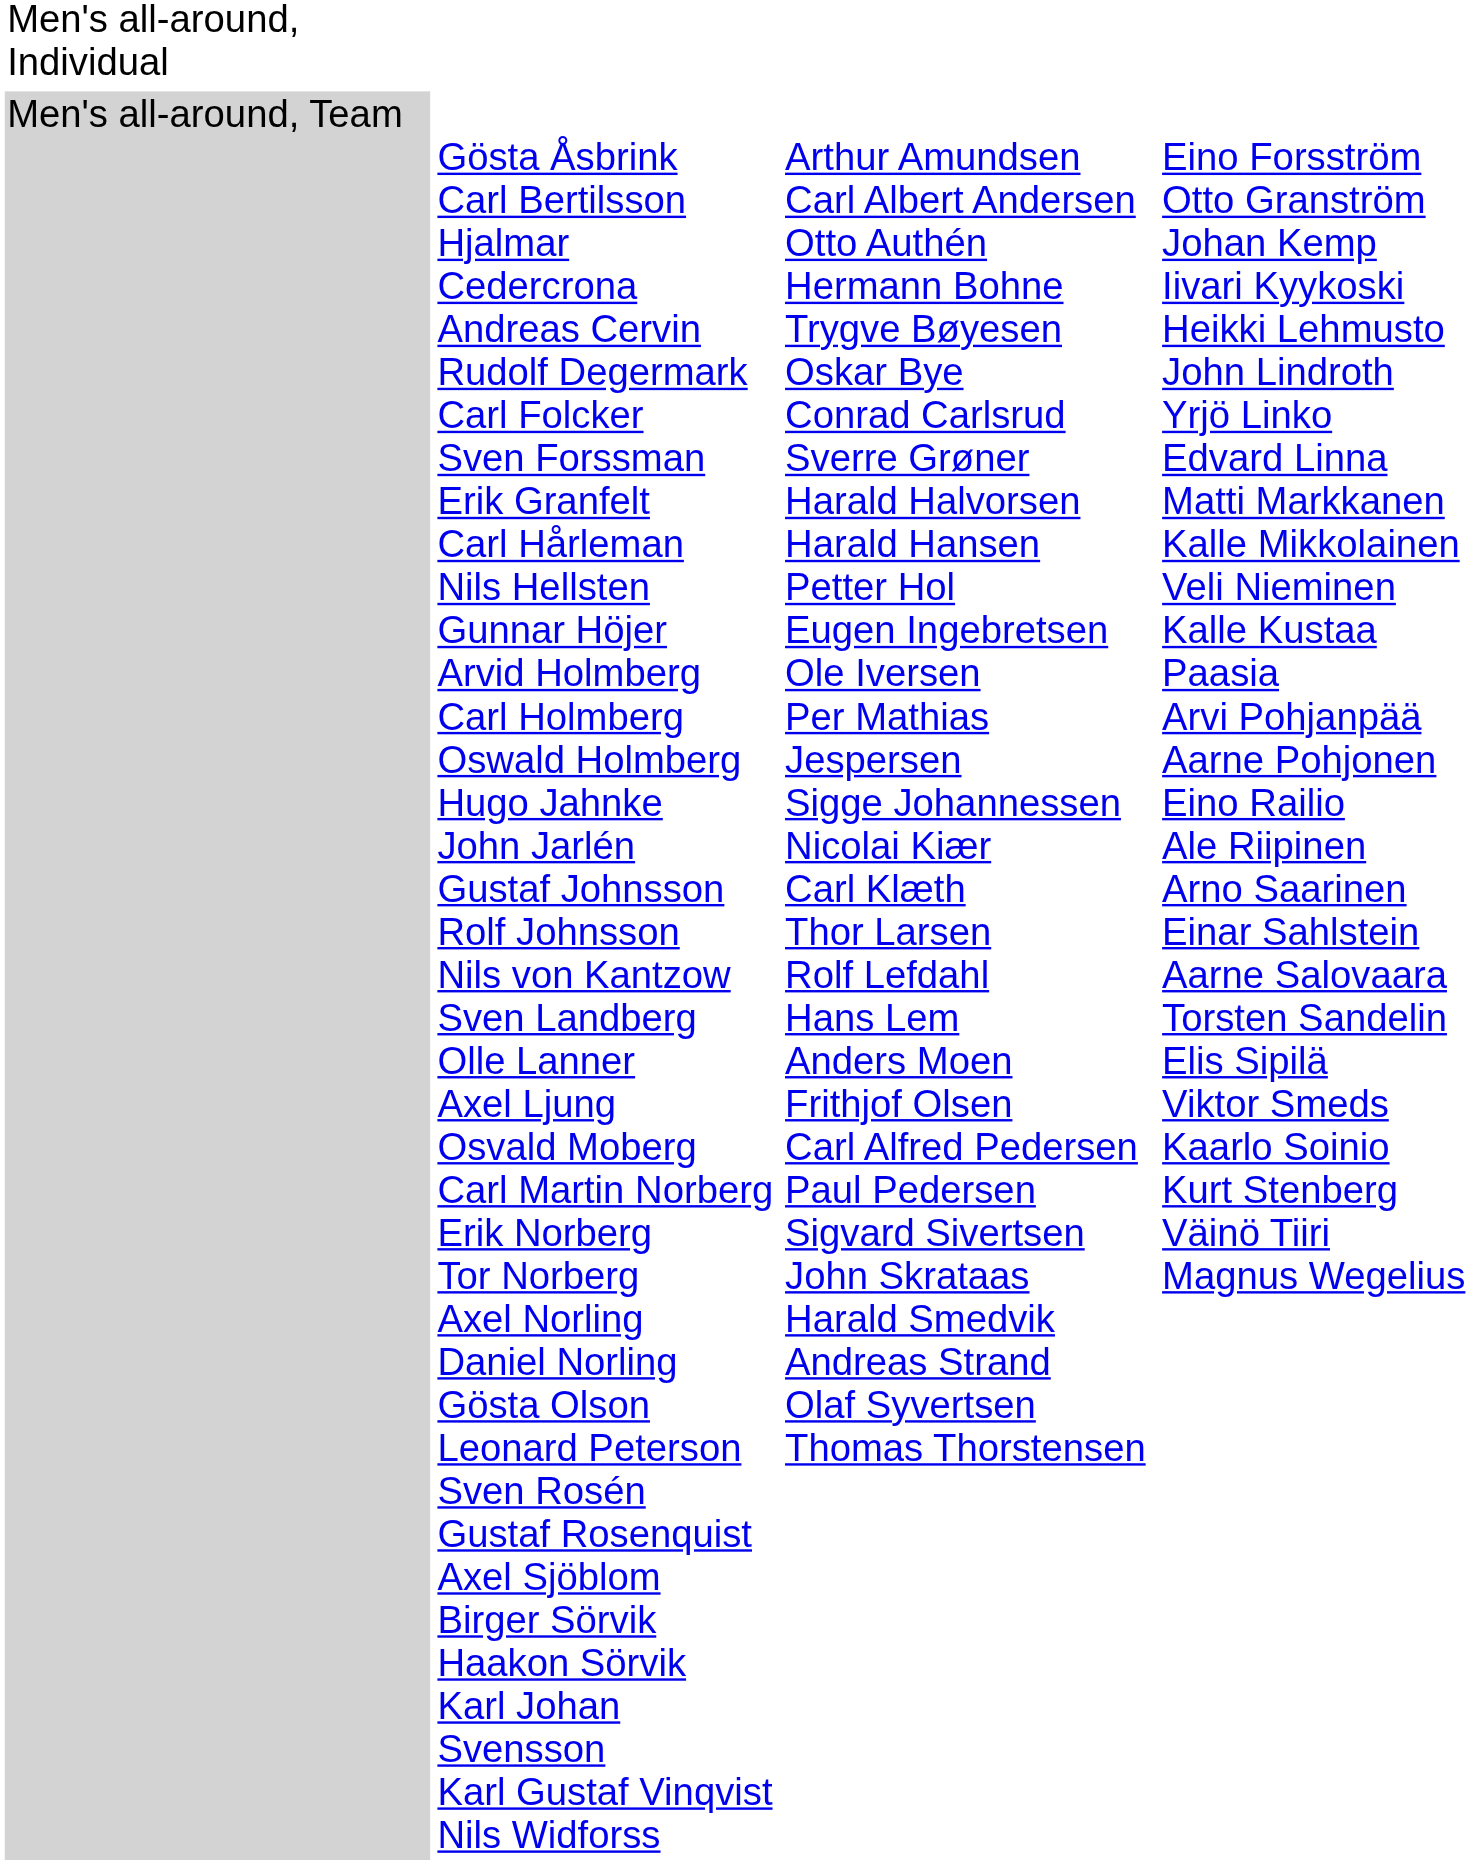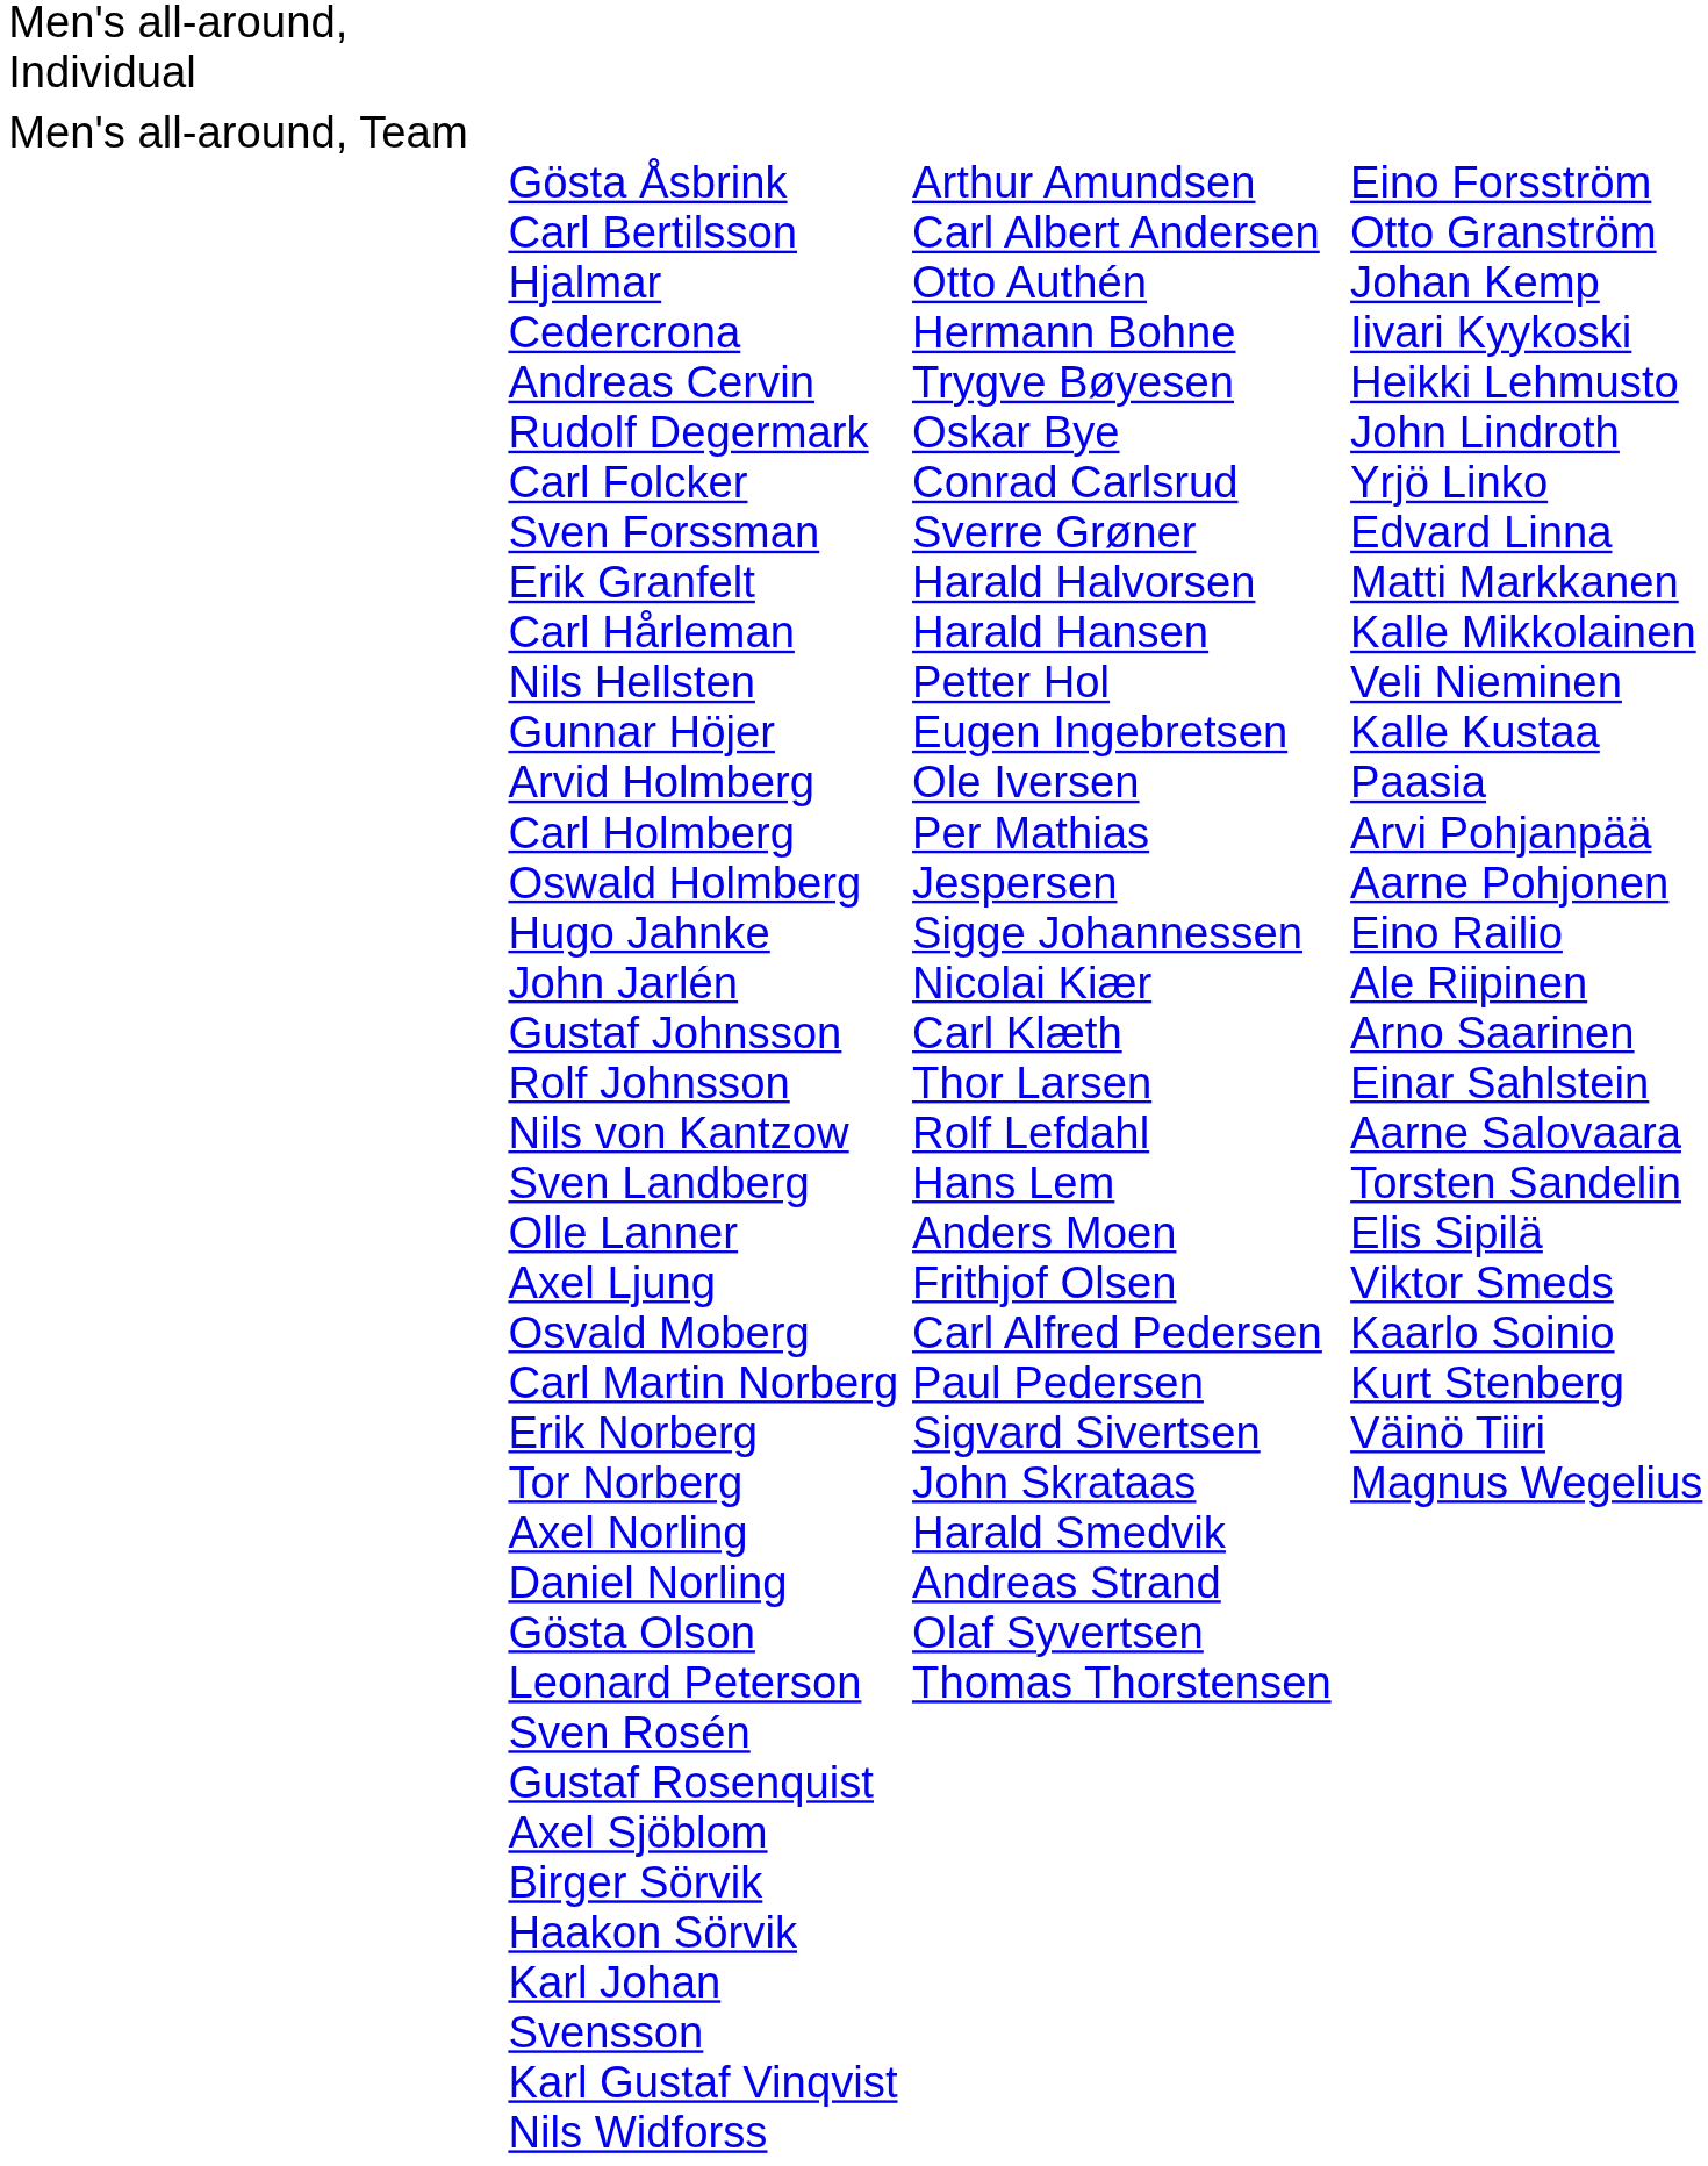 <table>
 <tr valign="top">
 <td>Men's all-around, Individual <br></td>
 <td></td>
 <td></td>
 <td></td>
 </tr>
 <tr valign="top">
-<td style="background: lightgrey;">Men's all-around, Team <br></td>
+<td>Men's all-around, Team <br></td>
 <td valign=top><br><a href='#'>Gösta Åsbrink</a><br><a href='#'>Carl Bertilsson</a><br><a href='#'>Hjalmar Cedercrona</a><br><a href='#'>Andreas Cervin</a><br><a href='#'>Rudolf Degermark</a><br><a href='#'>Carl Folcker</a><br><a href='#'>Sven Forssman</a><br><a href='#'>Erik Granfelt</a><br><a href='#'>Carl Hårleman</a><br><a href='#'>Nils Hellsten</a><br><a href='#'>Gunnar Höjer</a><br><a href='#'>Arvid Holmberg</a><br><a href='#'>Carl Holmberg</a><br><a href='#'>Oswald Holmberg</a><br><a href='#'>Hugo Jahnke</a><br><a href='#'>John Jarlén</a><br><a href='#'>Gustaf Johnsson</a><br><a href='#'>Rolf Johnsson</a><br><a href='#'>Nils von Kantzow</a><br><a href='#'>Sven Landberg</a><br><a href='#'>Olle Lanner</a><br><a href='#'>Axel Ljung</a><br><a href='#'>Osvald Moberg</a><br><a href='#'>Carl Martin Norberg</a><br><a href='#'>Erik Norberg</a><br><a href='#'>Tor Norberg</a><br><a href='#'>Axel Norling</a><br><a href='#'>Daniel Norling</a><br><a href='#'>Gösta Olson</a><br><a href='#'>Leonard Peterson</a><br><a href='#'>Sven Rosén</a><br><a href='#'>Gustaf Rosenquist</a><br><a href='#'>Axel Sjöblom</a><br><a href='#'>Birger Sörvik</a><br><a href='#'>Haakon Sörvik</a><br><a href='#'>Karl Johan Svensson</a><br><a href='#'>Karl Gustaf Vinqvist</a><br><a href='#'>Nils Widforss</a></td>
 <td valign=top><br><a href='#'>Arthur Amundsen</a><br><a href='#'>Carl Albert Andersen</a><br><a href='#'>Otto Authén</a><br><a href='#'>Hermann Bohne</a><br><a href='#'>Trygve Bøyesen</a><br><a href='#'>Oskar Bye</a><br><a href='#'>Conrad Carlsrud</a><br><a href='#'>Sverre Grøner</a><br><a href='#'>Harald Halvorsen</a><br><a href='#'>Harald Hansen</a><br><a href='#'>Petter Hol</a><br><a href='#'>Eugen Ingebretsen</a><br><a href='#'>Ole Iversen</a><br><a href='#'>Per Mathias Jespersen</a><br><a href='#'>Sigge Johannessen</a><br><a href='#'>Nicolai Kiær</a><br><a href='#'>Carl Klæth</a><br><a href='#'>Thor Larsen</a><br><a href='#'>Rolf Lefdahl</a><br><a href='#'>Hans Lem</a><br><a href='#'>Anders Moen</a><br><a href='#'>Frithjof Olsen</a><br><a href='#'>Carl Alfred Pedersen</a><br><a href='#'>Paul Pedersen</a><br><a href='#'>Sigvard Sivertsen</a><br><a href='#'>John Skrataas</a><br><a href='#'>Harald Smedvik</a><br><a href='#'>Andreas Strand</a><br><a href='#'>Olaf Syvertsen</a><br><a href='#'>Thomas Thorstensen</a></td>
 <td valign=top><br><a href='#'>Eino Forsström</a><br><a href='#'>Otto Granström</a><br><a href='#'>Johan Kemp</a><br><a href='#'>Iivari Kyykoski</a><br><a href='#'>Heikki Lehmusto</a><br><a href='#'>John Lindroth</a><br><a href='#'>Yrjö Linko</a><br><a href='#'>Edvard Linna</a><br><a href='#'>Matti Markkanen</a><br><a href='#'>Kalle Mikkolainen</a><br><a href='#'>Veli Nieminen</a><br><a href='#'>Kalle Kustaa Paasia</a><br><a href='#'>Arvi Pohjanpää</a><br><a href='#'>Aarne Pohjonen</a><br><a href='#'>Eino Railio</a><br><a href='#'>Ale Riipinen</a><br><a href='#'>Arno Saarinen</a><br><a href='#'>Einar Sahlstein</a><br><a href='#'>Aarne Salovaara</a><br><a href='#'>Torsten Sandelin</a><br><a href='#'>Elis Sipilä</a><br><a href='#'>Viktor Smeds</a><br><a href='#'>Kaarlo Soinio</a><br><a href='#'>Kurt Stenberg</a><br><a href='#'>Väinö Tiiri</a><br><a href='#'>Magnus Wegelius</a></td>
 </tr>
 </table>
